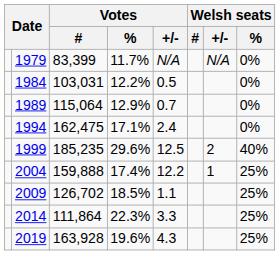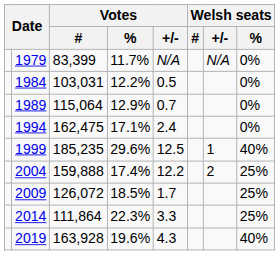 <table class="wikitable">
 <tr>
 <th colspan=2 rowspan=2>Date</th>
 <th colspan=3>Votes</th>
 <th colspan=3>Welsh seats</th>
 </tr>
 <tr>
 <th>#</th>
 <th>%</th>
 <th>+/-</th>
 <th>#</th>
 <th>+/-</th>
 <th>%</th>
 </tr>
 <tr>
 <td width="1" style="color:inherit;background:"></td>
 <td><a href='#'>1979</a></td>
 <td>83,399</td>
 <td>11.7%</td>
 <td><em>N/A</em></td>
 <td></td>
 <td><em>N/A</em></td>
 <td>0%</td>
 </tr>
 <tr>
 <td width="1" style="color:inherit;background:"></td>
 <td><a href='#'>1984</a></td>
 <td>103,031</td>
 <td>12.2%</td>
 <td> 0.5</td>
 <td></td>
 <td></td>
 <td>0%</td>
 </tr>
 <tr>
 <td width="1" style="color:inherit;background:"></td>
 <td><a href='#'>1989</a></td>
 <td>115,064</td>
 <td>12.9%</td>
 <td> 0.7</td>
 <td></td>
 <td></td>
 <td>0%</td>
 </tr>
 <tr>
 <td width="1" style="color:inherit;background:"></td>
 <td><a href='#'>1994</a></td>
 <td>162,475</td>
 <td>17.1%</td>
 <td> 2.4</td>
 <td></td>
 <td></td>
 <td>0%</td>
 </tr>
 <tr>
 <td width="1" style="color:inherit;background:"></td>
 <td><a href='#'>1999</a></td>
 <td>185,235</td>
 <td>29.6%</td>
 <td> 12.5</td>
 <td></td>
-<td> 2</td>
+<td> 1</td>
 <td>40%</td>
 </tr>
 <tr>
 <td width="1" style="color:inherit;background:"></td>
 <td><a href='#'>2004</a></td>
 <td>159,888</td>
 <td>17.4%</td>
 <td> 12.2</td>
 <td></td>
-<td> 1</td>
+<td> 2</td>
 <td>25%</td>
 </tr>
 <tr>
 <td width="1" style="color:inherit;background:"></td>
 <td><a href='#'>2009</a></td>
-<td>126,702</td>
+<td>126,072</td>
 <td>18.5%</td>
-<td> 1.1</td>
+<td> 1.7</td>
 <td></td>
 <td></td>
 <td>25%</td>
 </tr>
 <tr>
 <td width="1" style="color:inherit;background:"></td>
 <td><a href='#'>2014</a></td>
 <td>111,864</td>
 <td>22.3%</td>
 <td> 3.3</td>
 <td></td>
 <td></td>
 <td>25%</td>
 </tr>
 <tr>
 <td width="1" style="color:inherit;background:"></td>
 <td><a href='#'>2019</a></td>
 <td>163,928</td>
 <td>19.6%</td>
 <td> 4.3</td>
 <td></td>
 <td></td>
-<td>25%</td>
+<td>40%</td>
 </tr>
 </table>
